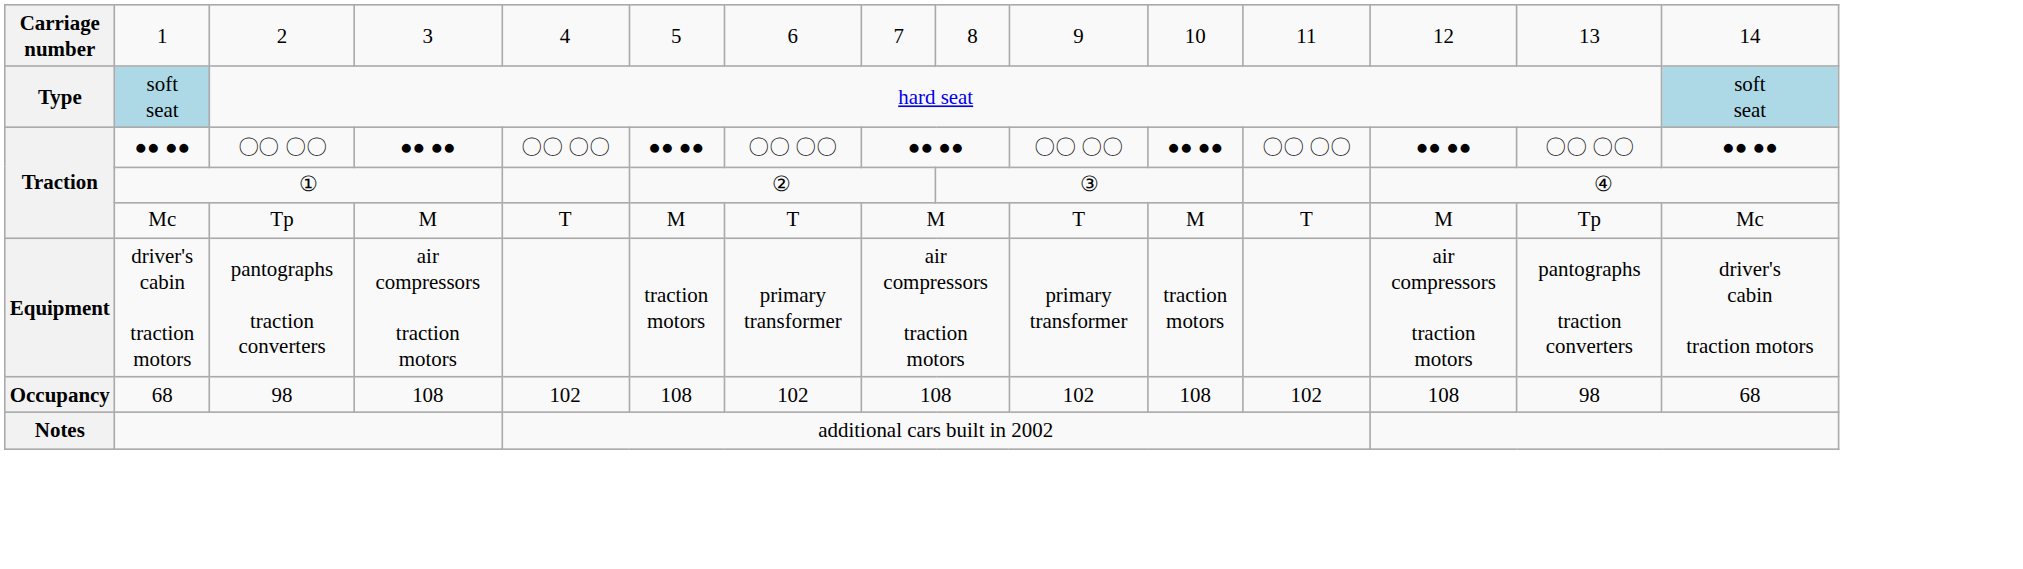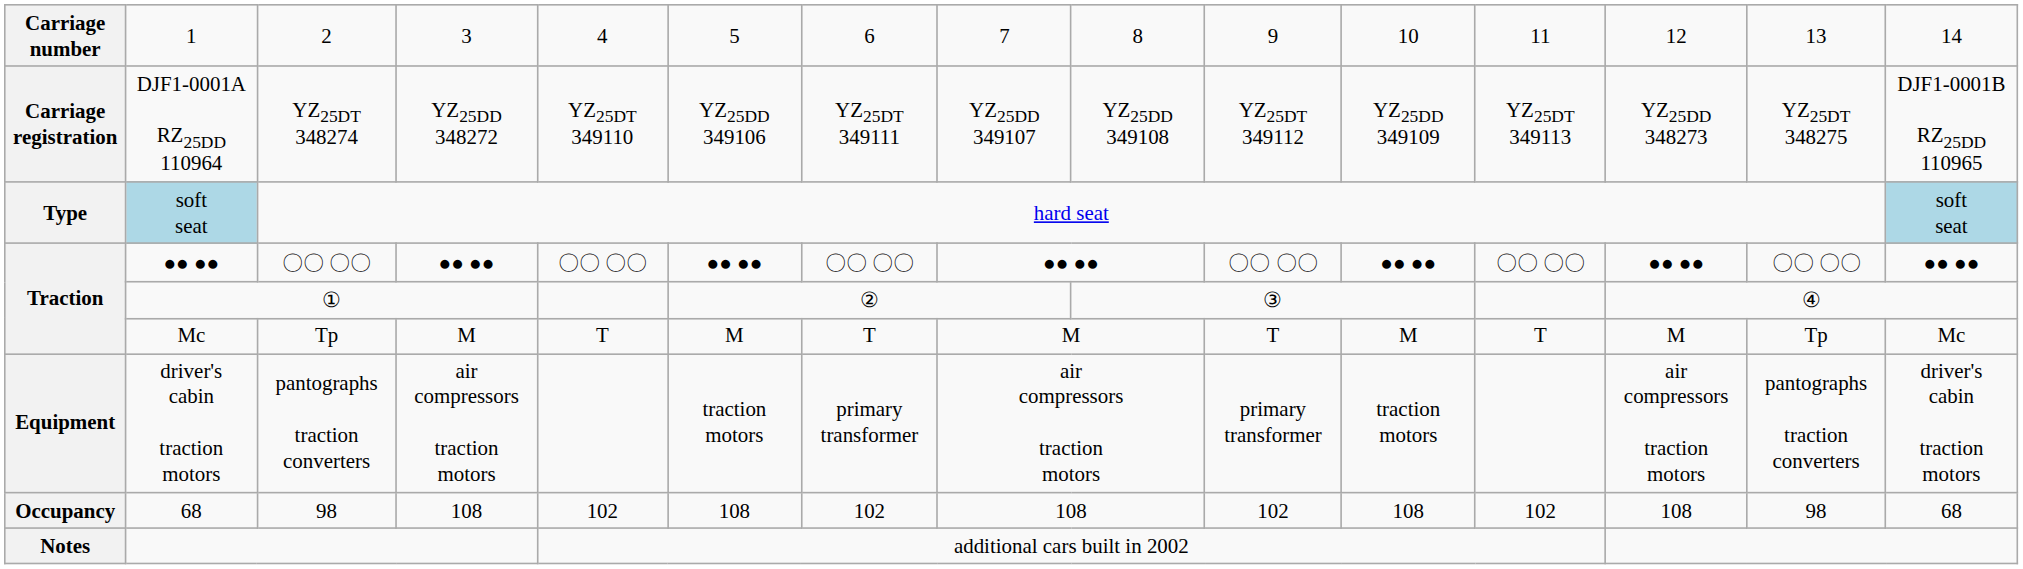 <table class="wikitable" style="text-align: center; font-size: small;">
 <tr>
 <th>Carriage<br>number</th>
 <td>1</td>
 <td>2</td>
 <td>3</td>
 <td>4</td>
 <td>5</td>
 <td>6</td>
 <td>7</td>
 <td>8</td>
 <td>9</td>
 <td>10</td>
 <td>11</td>
 <td>12</td>
 <td>13</td>
 <td>14</td>
+</tr>
+<tr>
+<th style="width: 6%;">Carriage<br>registration</th>
+<td>DJF1-0001A<br><br>RZ<sub>25DD</sub> 110964</td>
+<td>YZ<sub>25DT</sub> 348274</td>
+<td>YZ<sub>25DD</sub> 348272</td>
+<td>YZ<sub>25DT</sub> 349110</td>
+<td>YZ<sub>25DD</sub> 349106</td>
+<td>YZ<sub>25DT</sub> 349111</td>
+<td>YZ<sub>25DD</sub> 349107</td>
+<td>YZ<sub>25DD</sub> 349108</td>
+<td>YZ<sub>25DT</sub> 349112</td>
+<td>YZ<sub>25DD</sub> 349109</td>
+<td>YZ<sub>25DT</sub> 349113</td>
+<td>YZ<sub>25DD</sub> 348273</td>
+<td>YZ<sub>25DT</sub> 348275</td>
+<td>DJF1-0001B<br><br>RZ<sub>25DD</sub> 110965</td>
 </tr>
 <tr>
 <th style="width: 6%;">Type</th>
 <td colspan="1" style="background-color:lightblue">soft<br>seat</td>
 <td colspan="12"><a href='#'>hard seat</a></td>
 <td colspan="1" style="background-color:lightblue">soft<br>seat</td>
 </tr>
 <tr>
 <th rowspan="3" style="width: 6%;">Traction</th>
 <td>●● ●●</td>
 <td>〇〇 〇〇</td>
 <td>●● ●●</td>
 <td>〇〇 〇〇</td>
 <td>●● ●●</td>
 <td>〇〇 〇〇</td>
 <td colspan="2">●● ●●</td>
 <td>〇〇 〇〇</td>
 <td>●● ●●</td>
 <td>〇〇 〇〇</td>
 <td>●● ●●</td>
 <td>〇〇 〇〇</td>
 <td>●● ●●</td>
 </tr>
 <tr>
 <td colspan="3">①</td>
 <td colspan="1"></td>
 <td colspan="3">②</td>
 <td colspan="3">③</td>
 <td colspan="1"></td>
 <td colspan="3">④</td>
 </tr>
 <tr>
 <td>Mc</td>
 <td>Tp</td>
 <td>M</td>
 <td>T</td>
 <td>M</td>
 <td>T</td>
 <td colspan="2">M</td>
 <td>T</td>
 <td>M</td>
 <td>T</td>
 <td>M</td>
 <td>Tp</td>
 <td>Mc</td>
 </tr>
 <tr>
 <th style="width: 6%;">Equipment</th>
 <td>driver's<br>cabin<br><br>traction<br>motors</td>
 <td>pantographs<br><br>traction<br>converters</td>
 <td>air<br>compressors<br><br>traction<br>motors</td>
 <td></td>
 <td>traction<br>motors</td>
 <td>primary<br>transformer</td>
 <td colspan="2">air<br>compressors<br><br>traction<br>motors</td>
 <td>primary<br>transformer</td>
 <td>traction<br>motors</td>
 <td></td>
 <td>air<br>compressors<br><br>traction<br>motors</td>
 <td>pantographs<br><br>traction<br>converters</td>
 <td>driver's<br>cabin<br><br>traction motors</td>
 </tr>
 <tr>
 <th style="width: 6%;">Occupancy</th>
 <td>68</td>
 <td>98</td>
 <td>108</td>
 <td>102</td>
 <td>108</td>
 <td>102</td>
 <td colspan="2">108</td>
 <td>102</td>
 <td>108</td>
 <td>102</td>
 <td>108</td>
 <td>98</td>
 <td>68</td>
 </tr>
 <tr>
 <th style="width: 6%;">Notes</th>
 <td colspan="3"></td>
 <td colspan="8">additional cars built in 2002</td>
 <td colspan="3"></td>
 </tr>
 </table>
